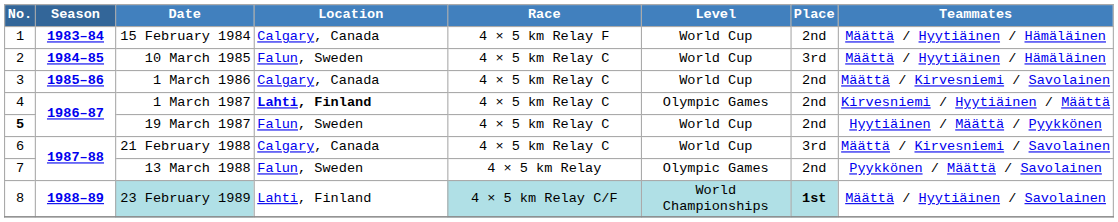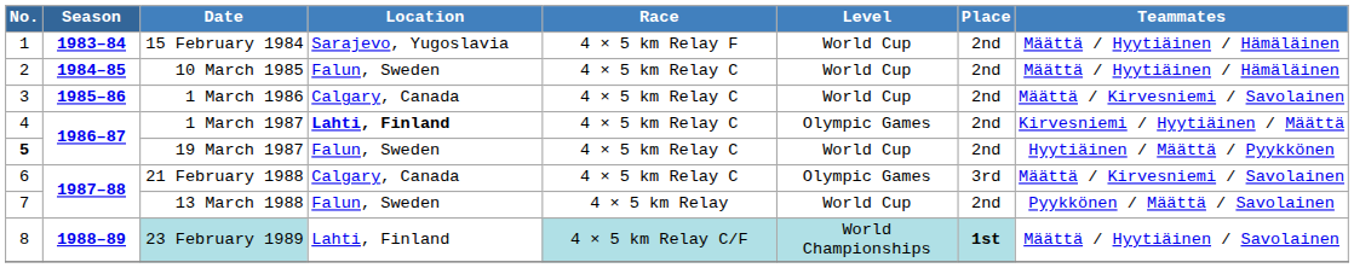 <table class="wikitable sortable" style="font-size:95%; text-align:center; border:grey solid 1px; border-collapse:collapse; background:#ffffff;">
 <tr style="background:#efefef;">
 <th style="background-color:#369; color:white;">No.</th>
 <th style="background-color:#369; color:white;">Season</th>
 <th style="background-color:#4180be; color:white; width:120px;">Date</th>
 <th style="background-color:#4180be; color:white; width:170px;">Location</th>
 <th style="background-color:#4180be; color:white; width:170px;">Race</th>
 <th style="background-color:#4180be; color:white; width:130px;">Level</th>
 <th style="background-color:#4180be; color:white;">Place</th>
 <th style="background-color:#4180be; color:white;">Teammates</th>
 </tr>
 <tr>
 <td align=center>1</td>
 <td rowspan=1 align=center><strong> <a href='#'>1983–84</a> </strong></td>
 <td align=right>15 February 1984</td>
-<td align=left> <a href='#'>Calgary</a>, Canada</td>
+<td align=left> <a href='#'>Sarajevo</a>, Yugoslavia</td>
 <td>4 × 5 km Relay F</td>
 <td>World Cup</td>
 <td>2nd</td>
 <td><a href='#'>Määttä</a> / <a href='#'>Hyytiäinen</a> / <a href='#'>Hämäläinen</a></td>
 </tr>
 <tr>
 <td align=center>2</td>
 <td rowspan=1 align=center><strong> <a href='#'>1984–85</a> </strong></td>
 <td align=right>10 March 1985</td>
 <td align=left> <a href='#'>Falun</a>, Sweden</td>
 <td>4 × 5 km Relay C</td>
 <td>World Cup</td>
-<td>3rd</td>
+<td>2nd</td>
 <td><a href='#'>Määttä</a> / <a href='#'>Hyytiäinen</a> / <a href='#'>Hämäläinen</a></td>
 </tr>
 <tr>
 <td align=center>3</td>
 <td rowspan=1 align=center><strong> <a href='#'>1985–86</a> </strong></td>
 <td align=right>1 March 1986</td>
 <td align=left> <a href='#'>Calgary</a>, Canada</td>
 <td>4 × 5 km Relay C</td>
 <td>World Cup</td>
 <td>2nd</td>
 <td><a href='#'>Määttä</a> / <a href='#'>Kirvesniemi</a> / <a href='#'>Savolainen</a></td>
 </tr>
 <tr>
 <td align=center>4</td>
 <td rowspan=2 align=center><strong> <a href='#'>1986–87</a> </strong></td>
 <td align=right>1 March 1987</td>
 <td align=left><strong> <a href='#'>Lahti</a>, Finland</strong></td>
 <td>4 × 5 km Relay C</td>
 <td>Olympic Games</td>
 <td>2nd</td>
 <td><a href='#'>Kirvesniemi</a> / <a href='#'>Hyytiäinen</a> / <a href='#'>Määttä</a></td>
 </tr>
 <tr>
 <td align=center><strong>5</strong></td>
 <td align=right>19 March 1987</td>
 <td align=left> <a href='#'>Falun</a>, Sweden</td>
 <td>4 × 5 km Relay C</td>
 <td>World Cup</td>
 <td>2nd</td>
 <td><a href='#'>Hyytiäinen</a> / <a href='#'>Määttä</a> / <a href='#'>Pyykkönen</a></td>
 </tr>
 <tr>
 <td align=center>6</td>
 <td rowspan=2 align=center><strong> <a href='#'>1987–88</a> </strong></td>
 <td align=right>21 February 1988</td>
 <td align=left> <a href='#'>Calgary</a>, Canada</td>
 <td>4 × 5 km Relay C</td>
-<td>World Cup</td>
+<td>Olympic Games</td>
 <td>3rd</td>
 <td><a href='#'>Määttä</a> / <a href='#'>Kirvesniemi</a> / <a href='#'>Savolainen</a></td>
 </tr>
 <tr>
 <td align=center>7</td>
 <td align=right>13 March 1988</td>
 <td align=left> <a href='#'>Falun</a>, Sweden</td>
 <td>4 × 5 km Relay</td>
-<td>Olympic Games</td>
+<td>World Cup</td>
 <td>2nd</td>
 <td><a href='#'>Pyykkönen</a> / <a href='#'>Määttä</a> / <a href='#'>Savolainen</a></td>
 </tr>
 <tr>
 <td align=center>8</td>
 <td rowspan=1 align=center><strong><a href='#'>1988–89</a></strong></td>
 <td bgcolor="#BOEOE6" align=right>23 February 1989</td>
 <td align=left> <a href='#'>Lahti</a>, Finland</td>
 <td bgcolor="#BOEOE6">4 × 5 km Relay C/F</td>
 <td bgcolor="#BOEOE6">World Championships</td>
 <td bgcolor="#BOEOE6"><strong>1st</strong></td>
 <td><a href='#'>Määttä</a> / <a href='#'>Hyytiäinen</a> / <a href='#'>Savolainen</a></td>
 </tr>
 <tr>
 </tr>
 </table>
